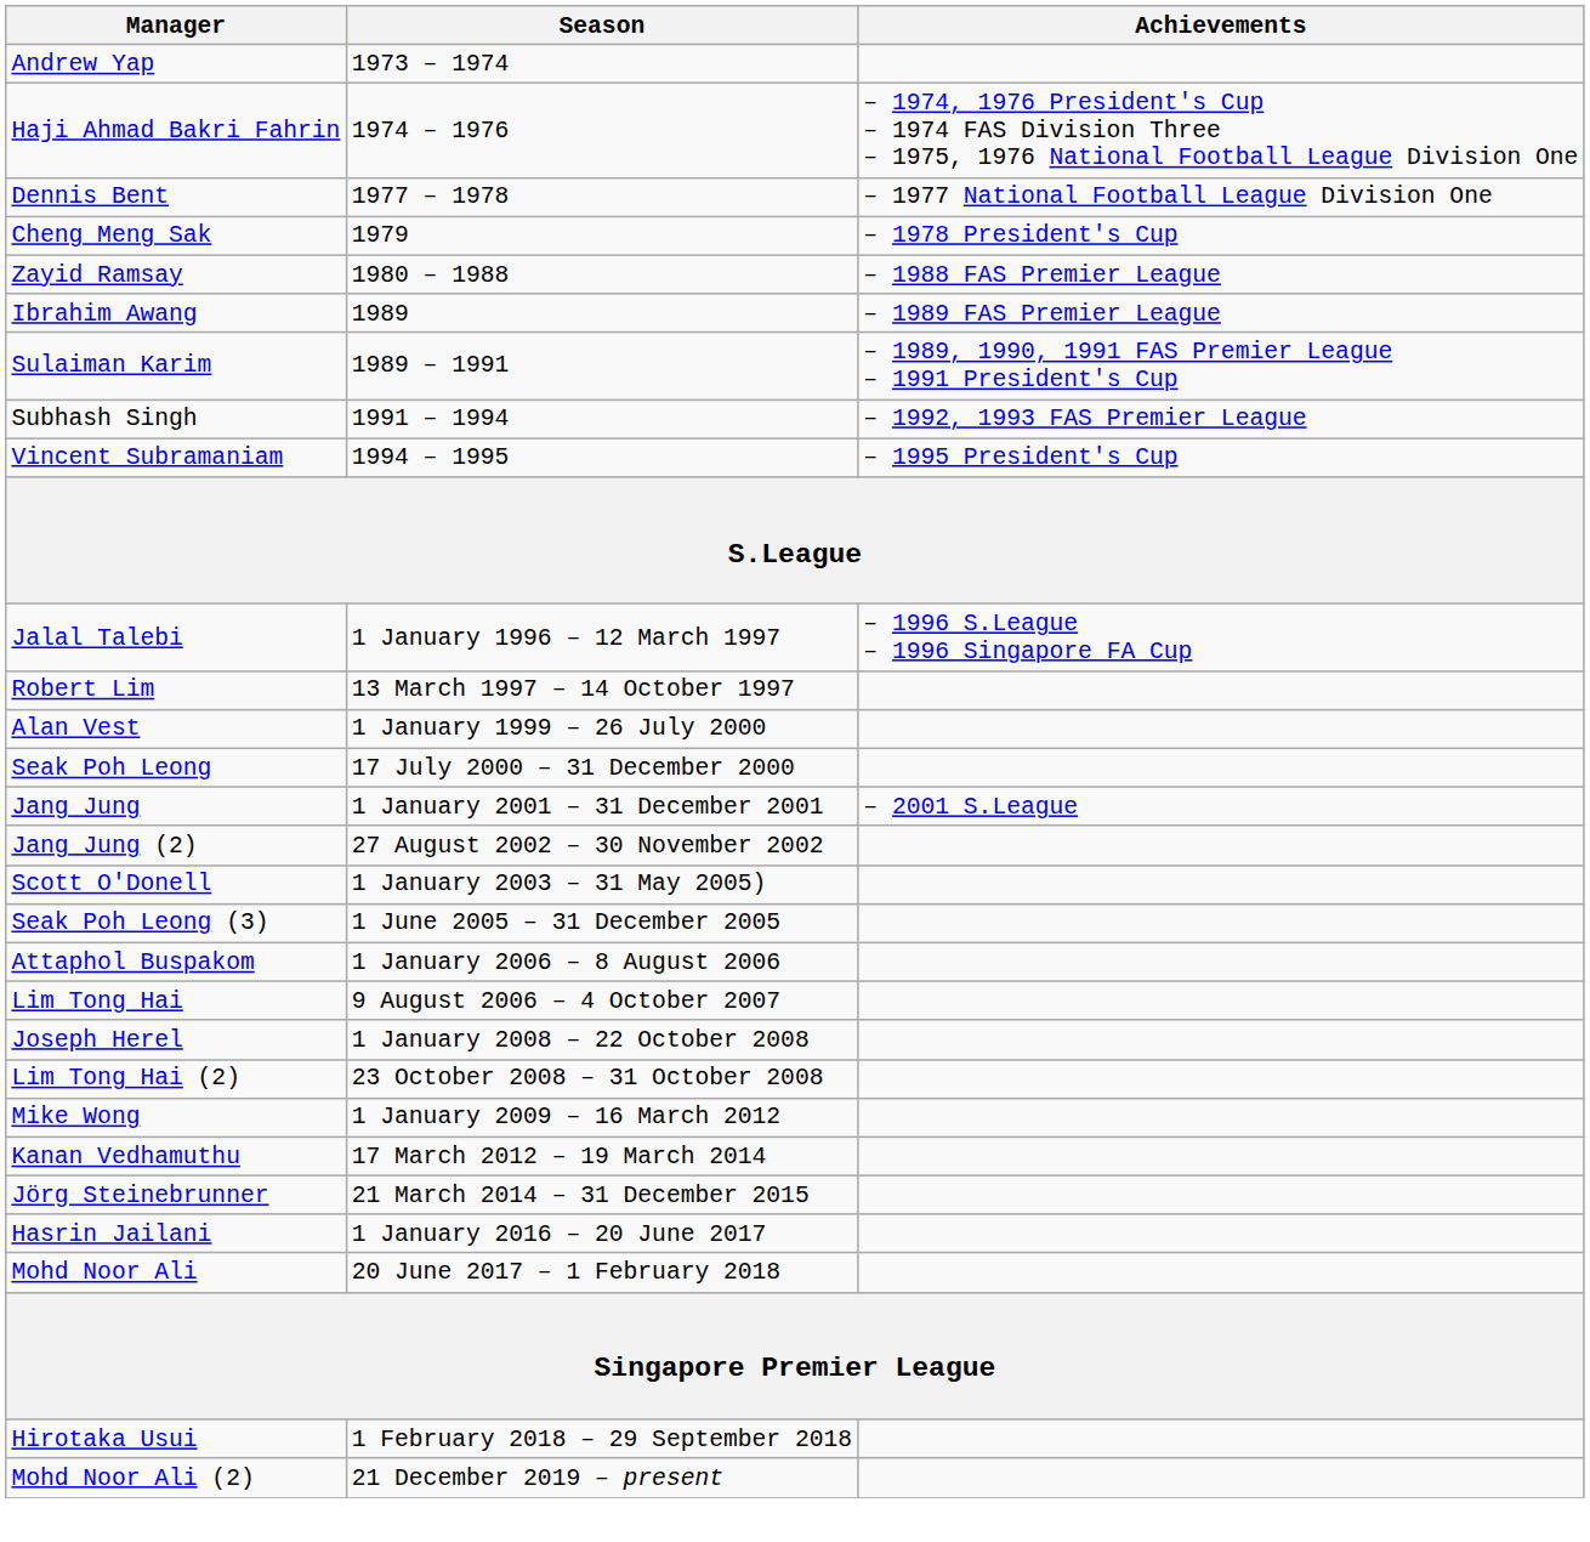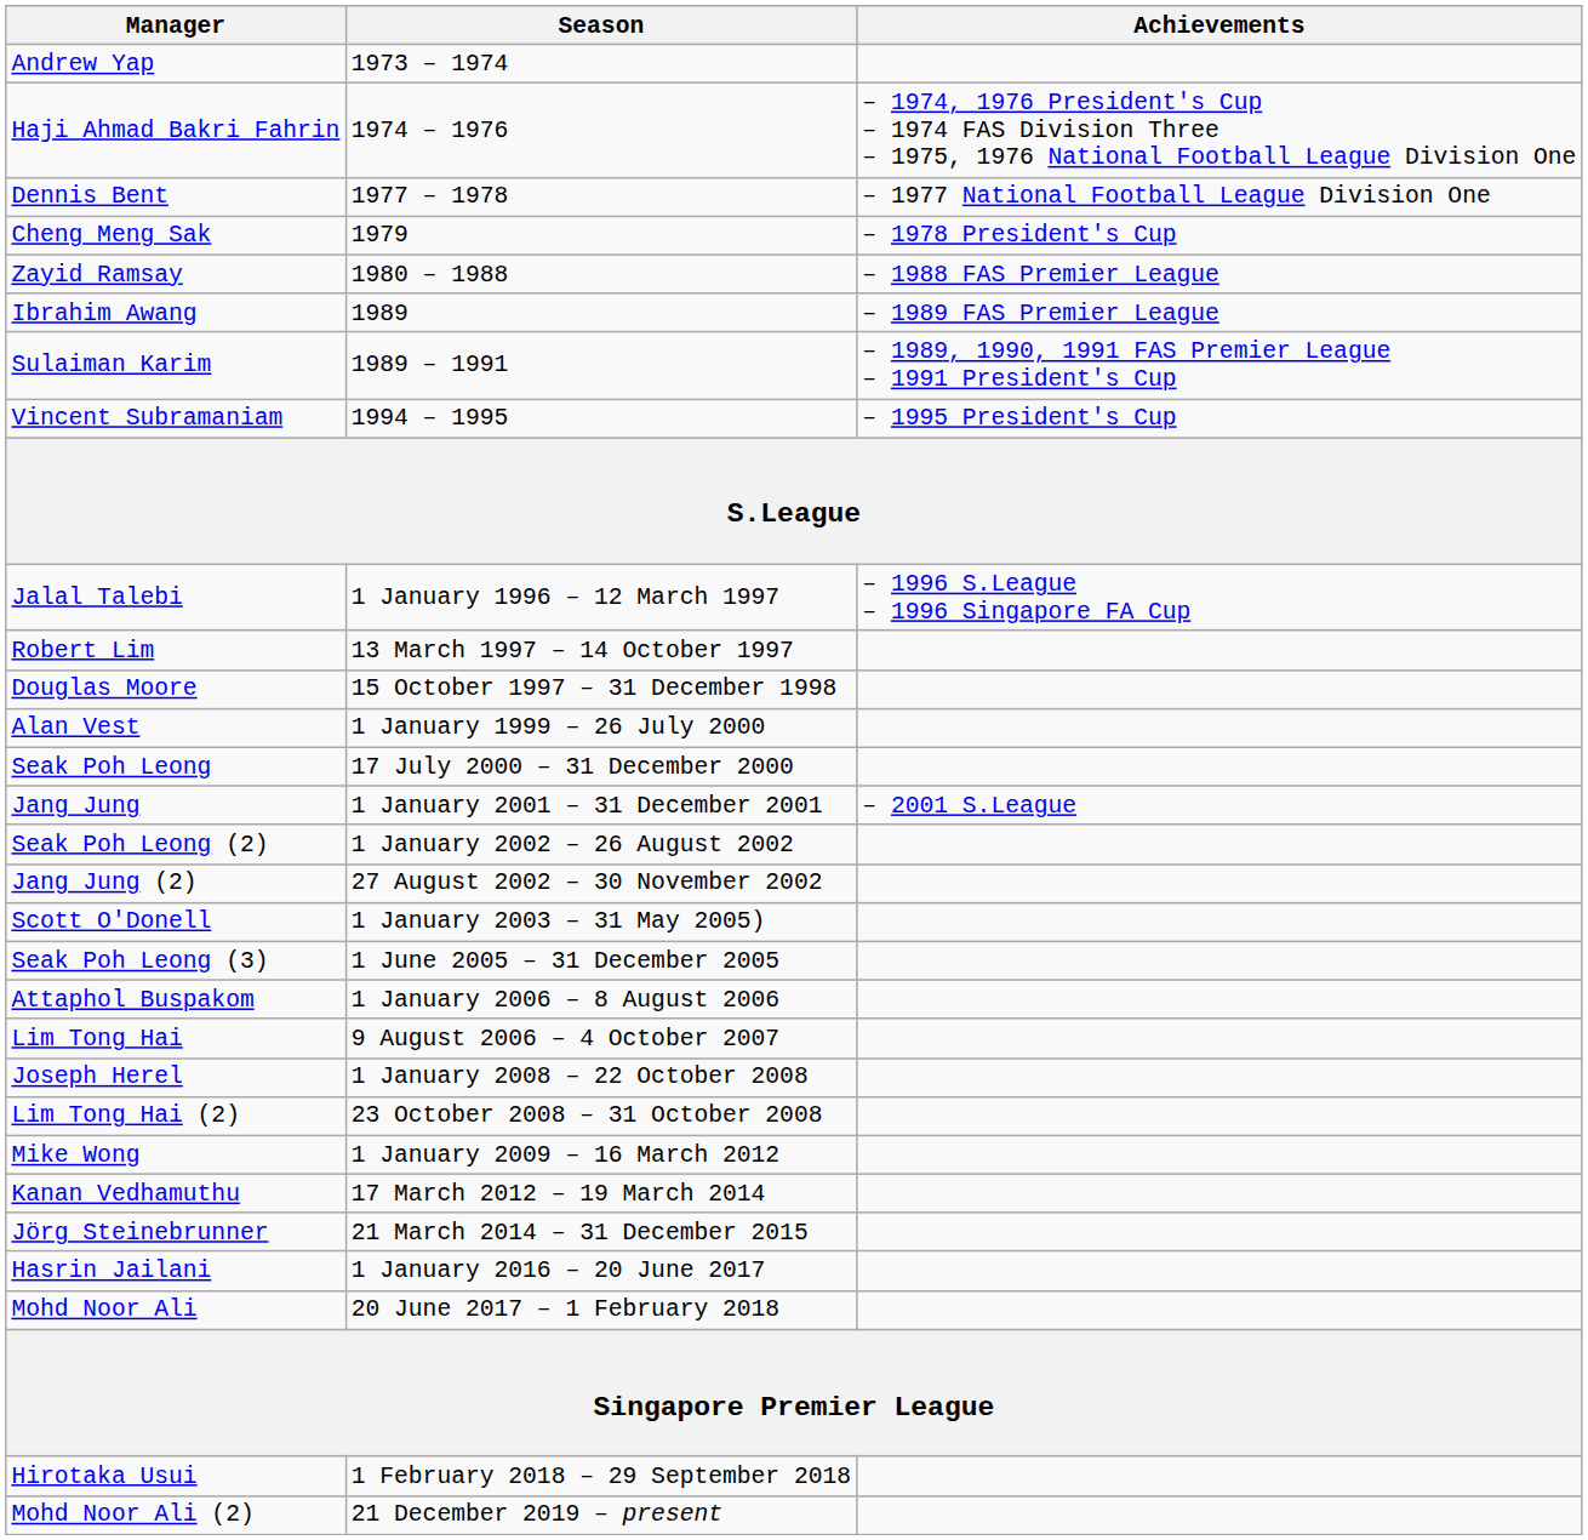 <table class="wikitable">
 <tr>
 <th>Manager</th>
 <th>Season</th>
 <th>Achievements</th>
 </tr>
 <tr>
 <td> <a href='#'>Andrew Yap</a></td>
 <td>1973 – 1974</td>
 <td></td>
 </tr>
 <tr>
 <td> <a href='#'>Haji Ahmad Bakri Fahrin</a></td>
 <td>1974 – 1976</td>
 <td>– <a href='#'>1974, 1976 President's Cup</a><br>– 1974 FAS Division Three<br>– 1975, 1976 <a href='#'>National Football League</a> Division One</td>
 </tr>
 <tr>
 <td> <a href='#'>Dennis Bent</a></td>
 <td>1977 – 1978</td>
 <td>– 1977 <a href='#'>National Football League</a> Division One</td>
 </tr>
 <tr>
 <td> <a href='#'>Cheng Meng Sak</a></td>
 <td>1979</td>
 <td>– <a href='#'>1978 President's Cup</a></td>
 </tr>
 <tr>
 <td> <a href='#'>Zayid Ramsay</a></td>
 <td>1980 – 1988</td>
 <td>– <a href='#'>1988 FAS Premier League</a></td>
 </tr>
 <tr>
 <td> <a href='#'>Ibrahim Awang</a></td>
 <td>1989</td>
 <td>– <a href='#'>1989 FAS Premier League</a></td>
 </tr>
 <tr>
 <td> <a href='#'>Sulaiman Karim</a></td>
 <td>1989 – 1991</td>
 <td>– <a href='#'>1989, 1990, 1991 FAS Premier League</a><br>– <a href='#'>1991 President's Cup</a></td>
 </tr>
 <tr>
-<td> Subhash Singh</td>
-<td>1991 – 1994</td>
-<td>– <a href='#'>1992, 1993 FAS Premier League</a></td>
-</tr>
-<tr>
 <td> <a href='#'>Vincent Subramaniam</a></td>
 <td>1994 – 1995</td>
 <td>– <a href='#'>1995 President's Cup</a></td>
 </tr>
 <tr>
 <th colspan="3"><br><h3>S.League</h3></th>
 </tr>
 <tr>
 <td> <a href='#'>Jalal Talebi</a></td>
 <td>1 January 1996 – 12 March 1997</td>
 <td>– <a href='#'>1996 S.League</a><br>– <a href='#'>1996 Singapore FA Cup</a></td>
 </tr>
 <tr>
 <td> <a href='#'>Robert Lim</a></td>
 <td>13 March 1997 – 14 October 1997</td>
 <td></td>
 </tr>
 <tr>
+<td> <a href='#'>Douglas Moore</a></td>
+<td>15 October 1997 – 31 December 1998</td>
+<td></td>
+</tr>
+<tr>
 <td> <a href='#'>Alan Vest</a></td>
 <td>1 January 1999 – 26 July 2000</td>
 <td></td>
 </tr>
 <tr>
 <td> <a href='#'>Seak Poh Leong</a></td>
 <td>17 July 2000 – 31 December 2000</td>
 <td></td>
 </tr>
 <tr>
 <td> <a href='#'>Jang Jung</a></td>
 <td>1 January 2001 – 31 December 2001</td>
 <td>– <a href='#'>2001 S.League</a></td>
+</tr>
+<tr>
+<td> <a href='#'>Seak Poh Leong</a> (2)</td>
+<td>1 January 2002 – 26 August 2002</td>
+<td></td>
 </tr>
 <tr>
 <td> <a href='#'>Jang Jung</a> (2)</td>
 <td>27 August 2002 – 30 November 2002</td>
 <td></td>
 </tr>
 <tr>
 <td> <a href='#'>Scott O'Donell</a></td>
 <td>1 January 2003 – 31 May 2005)</td>
 <td></td>
 </tr>
 <tr>
 <td> <a href='#'>Seak Poh Leong</a> (3)</td>
 <td>1 June 2005 – 31 December 2005</td>
 <td></td>
 </tr>
 <tr>
 <td> <a href='#'>Attaphol Buspakom</a></td>
 <td>1 January 2006 – 8 August 2006</td>
 <td></td>
 </tr>
 <tr>
 <td> <a href='#'>Lim Tong Hai</a></td>
 <td>9 August 2006 – 4 October 2007</td>
 <td></td>
 </tr>
 <tr>
 <td> <a href='#'>Joseph Herel</a></td>
 <td>1 January 2008 – 22 October 2008</td>
 <td></td>
 </tr>
 <tr>
 <td> <a href='#'>Lim Tong Hai</a> (2)</td>
 <td>23 October 2008 – 31 October 2008</td>
 <td></td>
 </tr>
 <tr>
 <td> <a href='#'>Mike Wong</a></td>
 <td>1 January 2009 – 16 March 2012</td>
 <td></td>
 </tr>
 <tr>
 <td> <a href='#'>Kanan Vedhamuthu</a></td>
 <td>17 March 2012 – 19 March 2014</td>
 <td></td>
 </tr>
 <tr>
 <td> <a href='#'>Jörg Steinebrunner</a></td>
 <td>21 March 2014 – 31 December 2015</td>
 <td></td>
 </tr>
 <tr>
 <td> <a href='#'>Hasrin Jailani</a></td>
 <td>1 January 2016 – 20 June 2017</td>
 <td></td>
 </tr>
 <tr>
 <td> <a href='#'>Mohd Noor Ali</a></td>
 <td>20 June 2017 – 1 February 2018</td>
 <td></td>
 </tr>
 <tr>
 <th colspan="3"><br><h3>Singapore Premier League</h3></th>
 </tr>
 <tr>
 <td> <a href='#'>Hirotaka Usui</a></td>
 <td>1 February 2018 – 29 September 2018</td>
 <td></td>
 </tr>
 <tr>
 <td> <a href='#'>Mohd Noor Ali</a> (2)</td>
 <td>21 December 2019 – <em>present</em></td>
 <td></td>
 </tr>
 </table>
